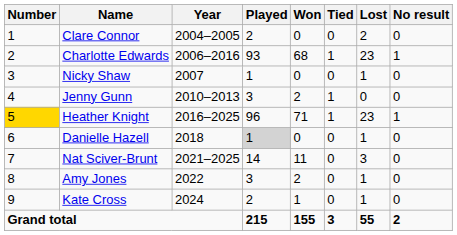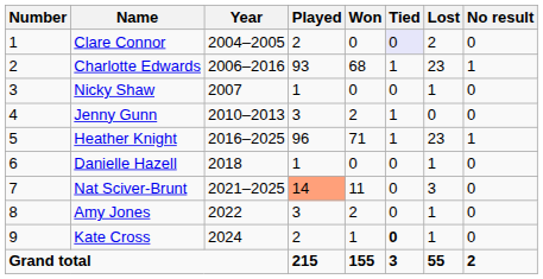 <table class="wikitable">
 <tr>
 <th>Number</th>
 <th>Name</th>
 <th>Year</th>
 <th>Played</th>
 <th>Won</th>
 <th>Tied</th>
 <th>Lost</th>
 <th>No result</th>
 </tr>
 <tr>
 <td>1</td>
 <td><a href='#'>Clare Connor</a></td>
 <td>2004–2005</td>
 <td>2</td>
 <td>0</td>
-<td>0</td>
+<td style="background: lavender;">0</td>
 <td>2</td>
 <td>0</td>
 </tr>
 <tr>
 <td>2</td>
 <td><a href='#'>Charlotte Edwards</a></td>
 <td>2006–2016</td>
 <td>93</td>
 <td>68</td>
 <td>1</td>
 <td>23</td>
 <td>1</td>
 </tr>
 <tr>
 <td>3</td>
 <td><a href='#'>Nicky Shaw</a></td>
 <td>2007</td>
 <td>1</td>
 <td>0</td>
 <td>0</td>
 <td>1</td>
 <td>0</td>
 </tr>
 <tr>
 <td>4</td>
 <td><a href='#'>Jenny Gunn</a></td>
 <td>2010–2013</td>
 <td>3</td>
 <td>2</td>
 <td>1</td>
 <td>0</td>
 <td>0</td>
 </tr>
 <tr>
-<td style="background: gold;">5</td>
+<td>5</td>
 <td><a href='#'>Heather Knight</a></td>
 <td>2016–2025</td>
 <td>96</td>
 <td>71</td>
 <td>1</td>
 <td>23</td>
 <td>1</td>
 </tr>
 <tr>
 <td>6</td>
 <td><a href='#'>Danielle Hazell</a></td>
 <td>2018</td>
-<td style="background: lightgrey;">1</td>
+<td>1</td>
 <td>0</td>
 <td>0</td>
 <td>1</td>
 <td>0</td>
 </tr>
 <tr>
 <td>7</td>
 <td><a href='#'>Nat Sciver-Brunt</a></td>
 <td>2021–2025</td>
-<td>14</td>
+<td style="background: lightsalmon;">14</td>
 <td>11</td>
 <td>0</td>
 <td>3</td>
 <td>0</td>
 </tr>
 <tr>
 <td>8</td>
 <td><a href='#'>Amy Jones</a></td>
 <td>2022</td>
 <td>3</td>
 <td>2</td>
 <td>0</td>
 <td>1</td>
 <td>0</td>
 </tr>
 <tr>
 <td>9</td>
 <td><a href='#'>Kate Cross</a></td>
 <td>2024</td>
 <td>2</td>
 <td>1</td>
-<td>0</td>
+<td><strong>0</strong></td>
 <td>1</td>
 <td>0</td>
 </tr>
 <tr>
 <td colspan=3><strong>Grand total</strong></td>
 <td><strong>215</strong></td>
 <td><strong>155</strong></td>
 <td><strong>3</strong></td>
 <td><strong>55</strong></td>
 <td><strong>2</strong></td>
 </tr>
 </table>
